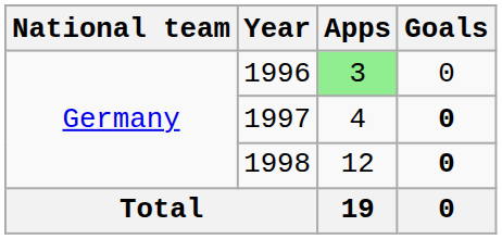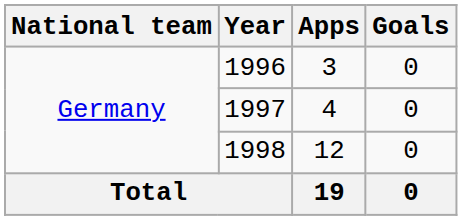 <table class="wikitable" style="text-align:center">
 <tr>
 <th>National team</th>
 <th>Year</th>
 <th>Apps</th>
 <th>Goals</th>
 </tr>
 <tr>
 <td rowspan="3“"><a href='#'>Germany</a></td>
 <td>1996</td>
-<td style="background: lightgreen;">3</td>
+<td>3</td>
 <td>0</td>
 </tr>
 <tr>
 <td>1997</td>
 <td>4</td>
-<td><strong>0</strong></td>
+<td>0</td>
 </tr>
 <tr>
 <td>1998</td>
 <td>12</td>
-<td><strong>0</strong></td>
+<td>0</td>
 </tr>
 <tr>
 <th colspan="2">Total</th>
 <th>19</th>
 <th>0</th>
 </tr>
 </table>
